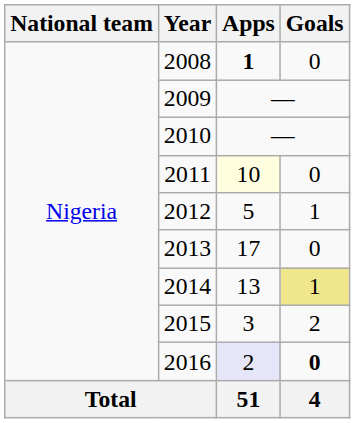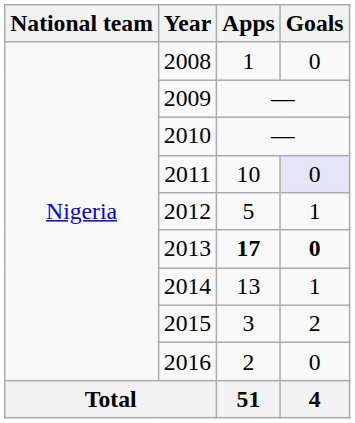 <table class=wikitable style="text-align: center;">
 <tr>
 <th>National team</th>
 <th>Year</th>
 <th>Apps</th>
 <th>Goals</th>
 </tr>
 <tr>
 <td rowspan=9><a href='#'>Nigeria</a></td>
 <td>2008</td>
-<td><strong>1</strong></td>
+<td>1</td>
 <td>0</td>
 </tr>
 <tr>
 <td>2009</td>
 <td colspan=2>—</td>
 </tr>
 <tr>
 <td>2010</td>
 <td colspan=2>—</td>
 </tr>
 <tr>
 <td>2011</td>
-<td style="background: lightyellow;">10</td>
-<td>0</td>
+<td>10</td>
+<td style="background: lavender;">0</td>
 </tr>
 <tr>
 <td>2012</td>
 <td>5</td>
 <td>1</td>
 </tr>
 <tr>
 <td>2013</td>
-<td>17</td>
-<td>0</td>
+<td><strong>17</strong></td>
+<td><strong>0</strong></td>
 </tr>
 <tr>
 <td>2014</td>
 <td>13</td>
-<td style="background: khaki;">1</td>
+<td>1</td>
 </tr>
 <tr>
 <td>2015</td>
 <td>3</td>
 <td>2</td>
 </tr>
 <tr>
 <td>2016</td>
-<td style="background: lavender;">2</td>
-<td><strong>0</strong></td>
+<td>2</td>
+<td>0</td>
 </tr>
 <tr>
 <th colspan=2>Total</th>
 <th>51</th>
 <th>4</th>
 </tr>
 </table>
